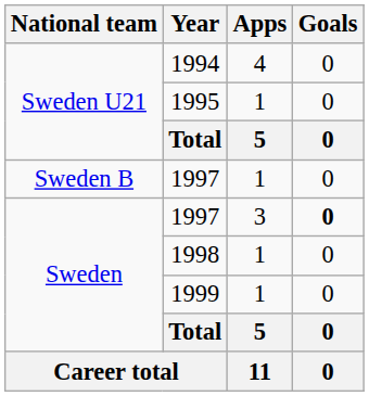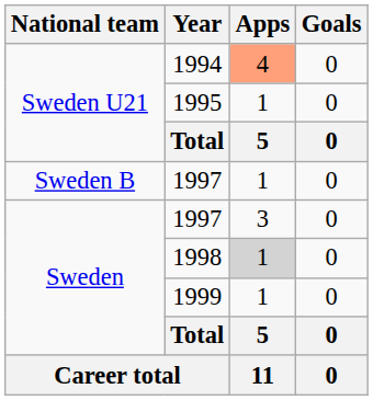 <table class="wikitable" style="text-align:center">
 <tr>
 <th>National team</th>
 <th>Year</th>
 <th>Apps</th>
 <th>Goals</th>
 </tr>
 <tr>
 <td rowspan="3"><a href='#'>Sweden U21</a></td>
 <td>1994</td>
-<td>4</td>
+<td style="background: lightsalmon;">4</td>
 <td>0</td>
 </tr>
 <tr>
 <td>1995</td>
 <td>1</td>
 <td>0</td>
 </tr>
 <tr>
 <th>Total</th>
 <th>5</th>
 <th>0</th>
 </tr>
 <tr>
 <td><a href='#'>Sweden B</a></td>
 <td>1997</td>
 <td>1</td>
 <td>0</td>
 </tr>
 <tr>
 <td rowspan="4"><a href='#'>Sweden</a></td>
 <td>1997</td>
 <td>3</td>
-<td><strong>0</strong></td>
+<td>0</td>
 </tr>
 <tr>
 <td>1998</td>
-<td>1</td>
+<td style="background: lightgrey;">1</td>
 <td>0</td>
 </tr>
 <tr>
 <td>1999</td>
 <td>1</td>
 <td>0</td>
 </tr>
 <tr>
 <th>Total</th>
 <th>5</th>
 <th>0</th>
 </tr>
 <tr>
 <th colspan="2">Career total</th>
 <th>11</th>
 <th>0</th>
 </tr>
 </table>
